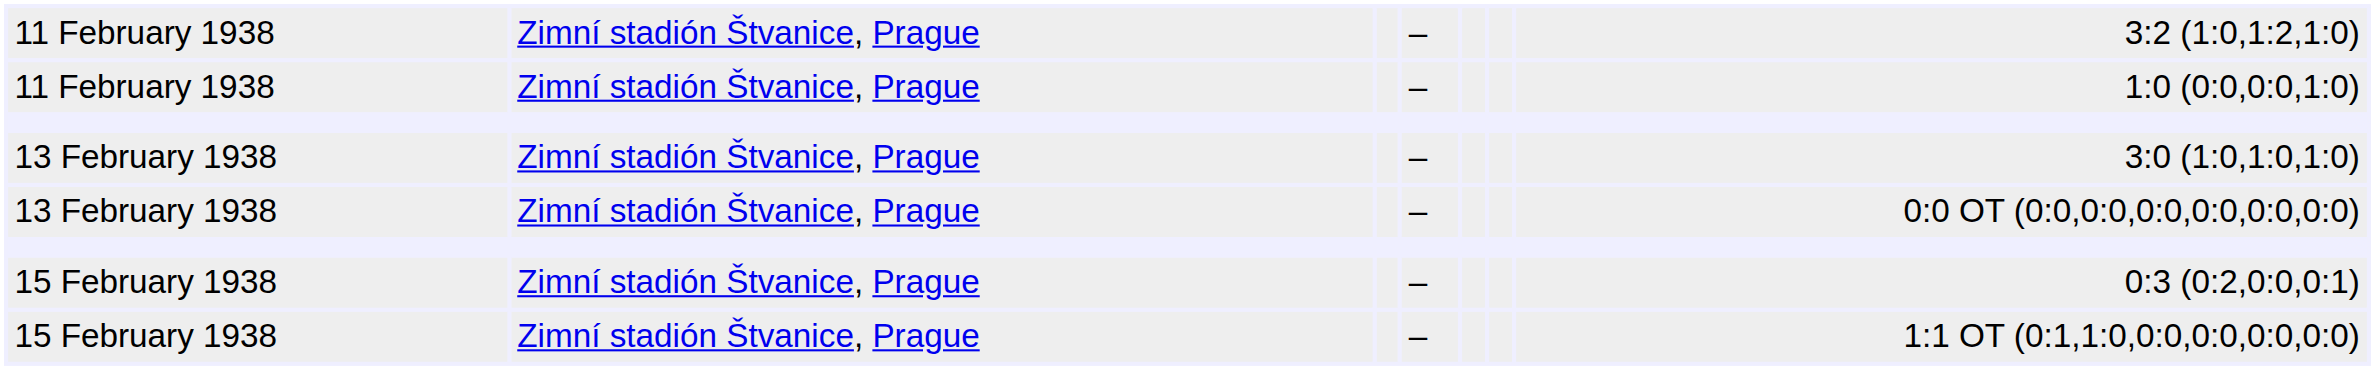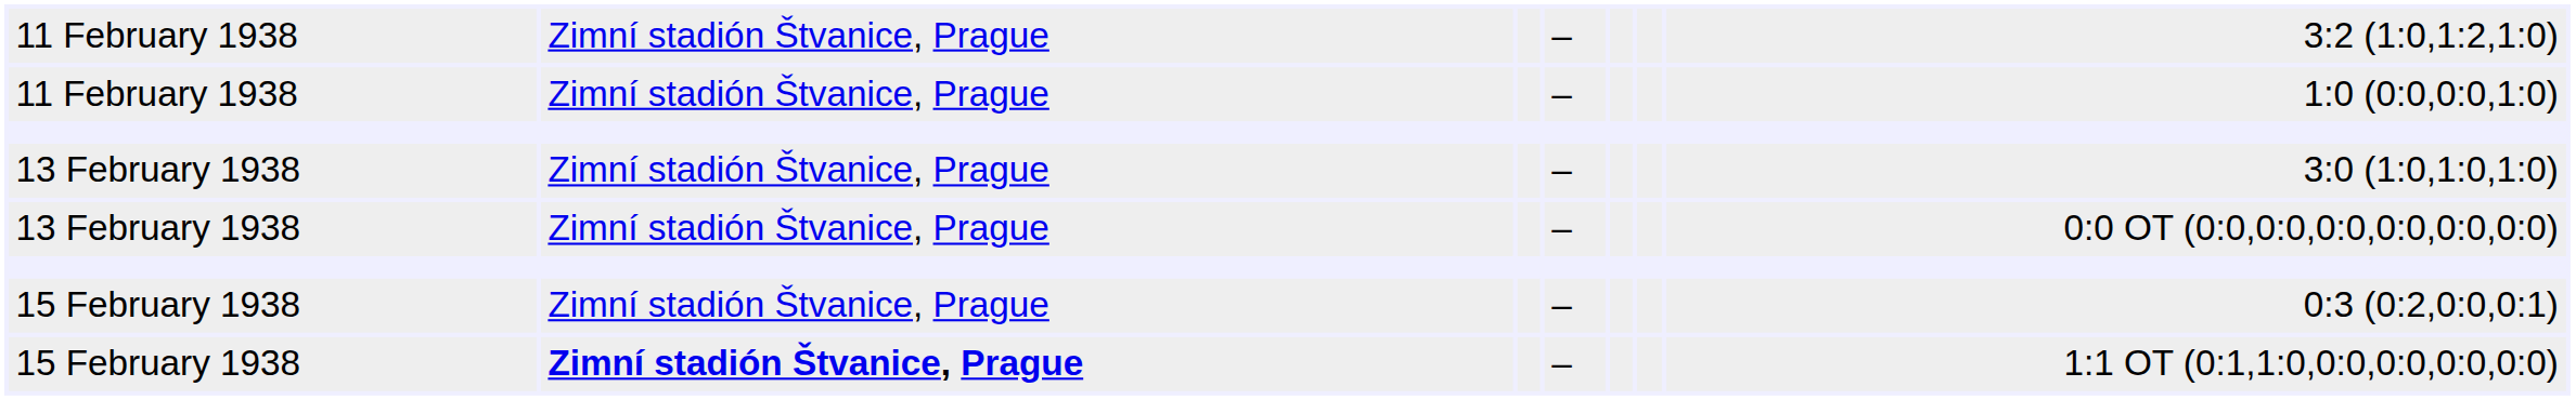 <table cellspacing="2" border="0" cellpadding="3" bgcolor="#EFEFFF" width="90%">
 <tr>
 <td bgcolor="#EEEEEE">11 February 1938</td>
 <td bgcolor="#EEEEEE"><a href='#'>Zimní stadión Štvanice</a>, <a href='#'>Prague</a></td>
 <td bgcolor="#EEEEEE"><strong></strong></td>
 <td bgcolor="#EEEEEE">–</td>
 <td bgcolor="#EEEEEE"></td>
 <td bgcolor="#EEEEEE"></td>
 <td bgcolor="#EEEEEE" align="right">3:2 (1:0,1:2,1:0)</td>
 </tr>
 <tr>
 <td bgcolor="#EEEEEE">11 February 1938</td>
 <td bgcolor="#EEEEEE"><a href='#'>Zimní stadión Štvanice</a>, <a href='#'>Prague</a></td>
 <td bgcolor="#EEEEEE"><strong></strong></td>
 <td bgcolor="#EEEEEE">–</td>
 <td bgcolor="#EEEEEE"></td>
 <td bgcolor="#EEEEEE"></td>
 <td bgcolor="#EEEEEE" align="right">1:0 (0:0,0:0,1:0)</td>
 </tr>
 <tr>
 <td></td>
 </tr>
 <tr>
 <td bgcolor="#EEEEEE">13 February 1938</td>
 <td bgcolor="#EEEEEE"><a href='#'>Zimní stadión Štvanice</a>, <a href='#'>Prague</a></td>
 <td bgcolor="#EEEEEE"><strong></strong></td>
 <td bgcolor="#EEEEEE">–</td>
 <td bgcolor="#EEEEEE"></td>
 <td bgcolor="#EEEEEE"></td>
 <td bgcolor="#EEEEEE" align="right">3:0 (1:0,1:0,1:0)</td>
 </tr>
 <tr>
 <td bgcolor="#EEEEEE">13 February 1938</td>
 <td bgcolor="#EEEEEE"><a href='#'>Zimní stadión Štvanice</a>, <a href='#'>Prague</a></td>
 <td bgcolor="#EEEEEE"></td>
 <td bgcolor="#EEEEEE">–</td>
 <td bgcolor="#EEEEEE"></td>
 <td bgcolor="#EEEEEE"></td>
 <td bgcolor="#EEEEEE" align="right">0:0 OT (0:0,0:0,0:0,0:0,0:0,0:0)</td>
 </tr>
 <tr>
 <td></td>
 </tr>
 <tr>
 <td bgcolor="#EEEEEE">15 February 1938</td>
 <td bgcolor="#EEEEEE"><a href='#'>Zimní stadión Štvanice</a>, <a href='#'>Prague</a></td>
 <td bgcolor="#EEEEEE"></td>
 <td bgcolor="#EEEEEE">–</td>
 <td bgcolor="#EEEEEE"><strong></strong></td>
 <td bgcolor="#EEEEEE"></td>
 <td bgcolor="#EEEEEE" align="right">0:3 (0:2,0:0,0:1)</td>
 </tr>
 <tr>
 <td bgcolor="#EEEEEE">15 February 1938</td>
-<td bgcolor="#EEEEEE"><a href='#'>Zimní stadión Štvanice</a>, <a href='#'>Prague</a></td>
+<td bgcolor="#EEEEEE"><strong><a href='#'>Zimní stadión Štvanice</a>, <a href='#'>Prague</a></strong></td>
 <td bgcolor="#EEEEEE"></td>
 <td bgcolor="#EEEEEE">–</td>
 <td bgcolor="#EEEEEE"></td>
 <td bgcolor="#EEEEEE"></td>
 <td bgcolor="#EEEEEE" align="right">1:1 OT (0:1,1:0,0:0,0:0,0:0,0:0)</td>
 </tr>
 </table>
